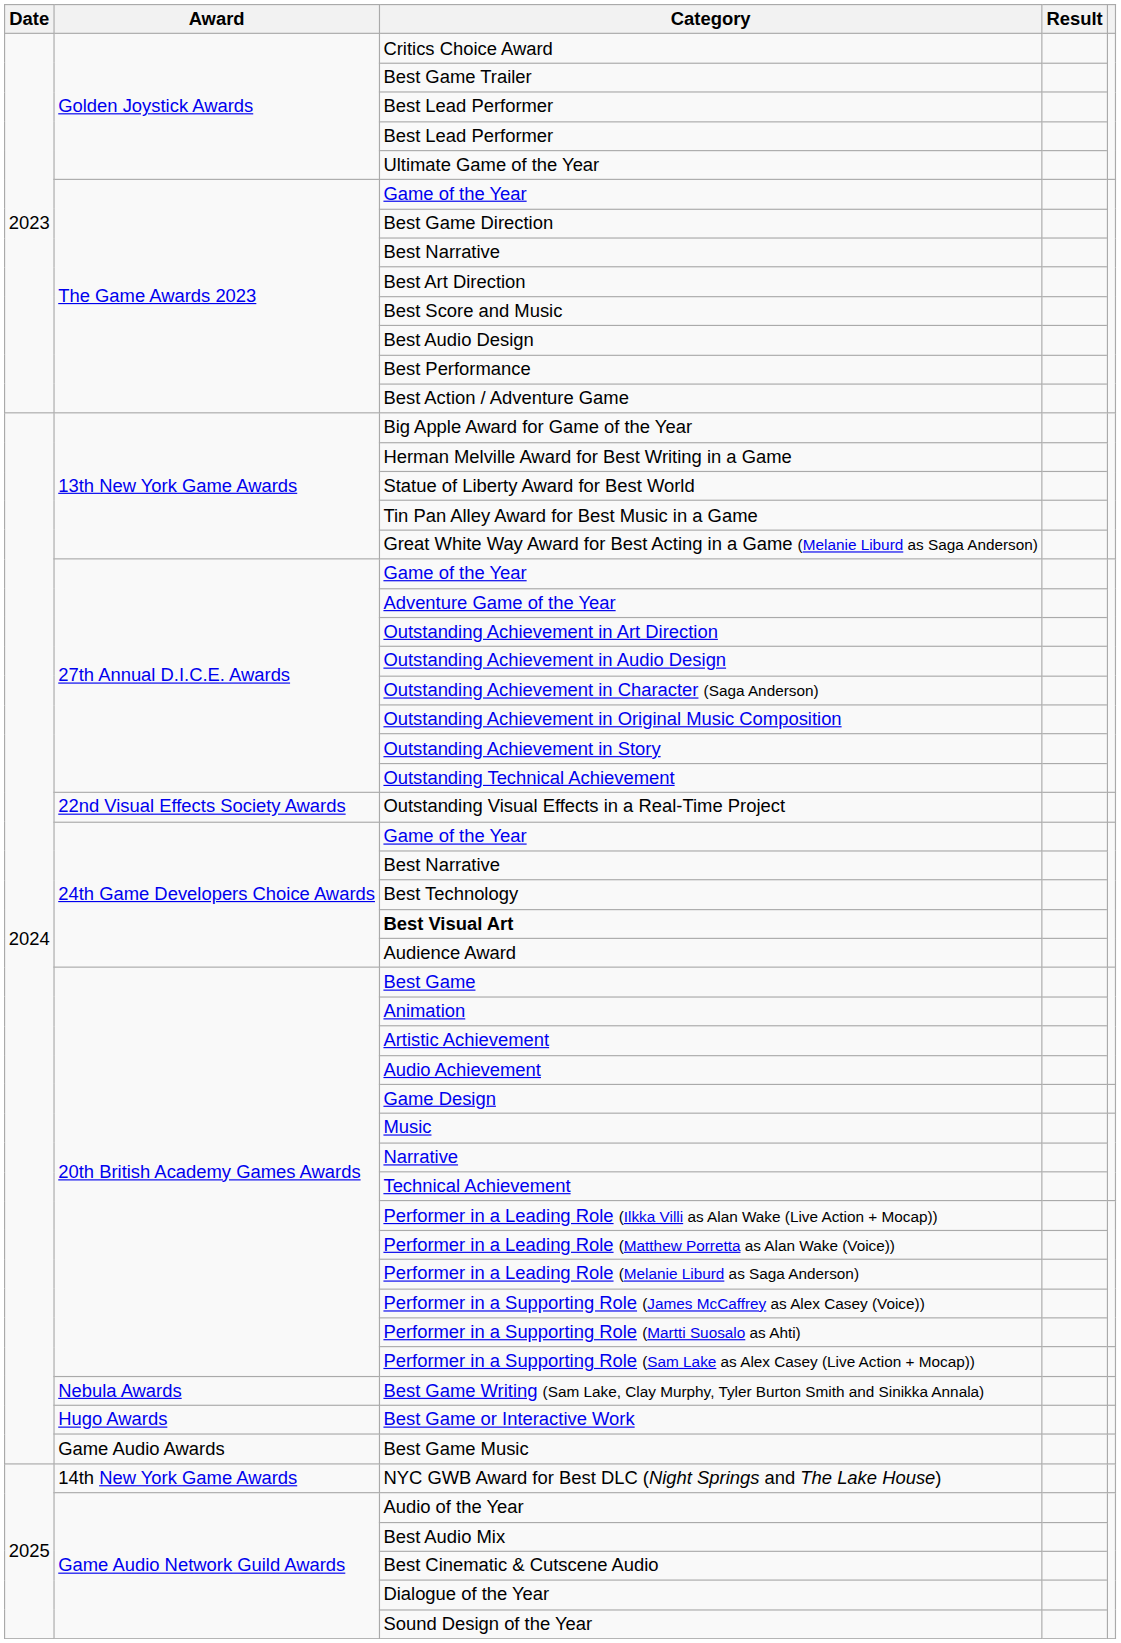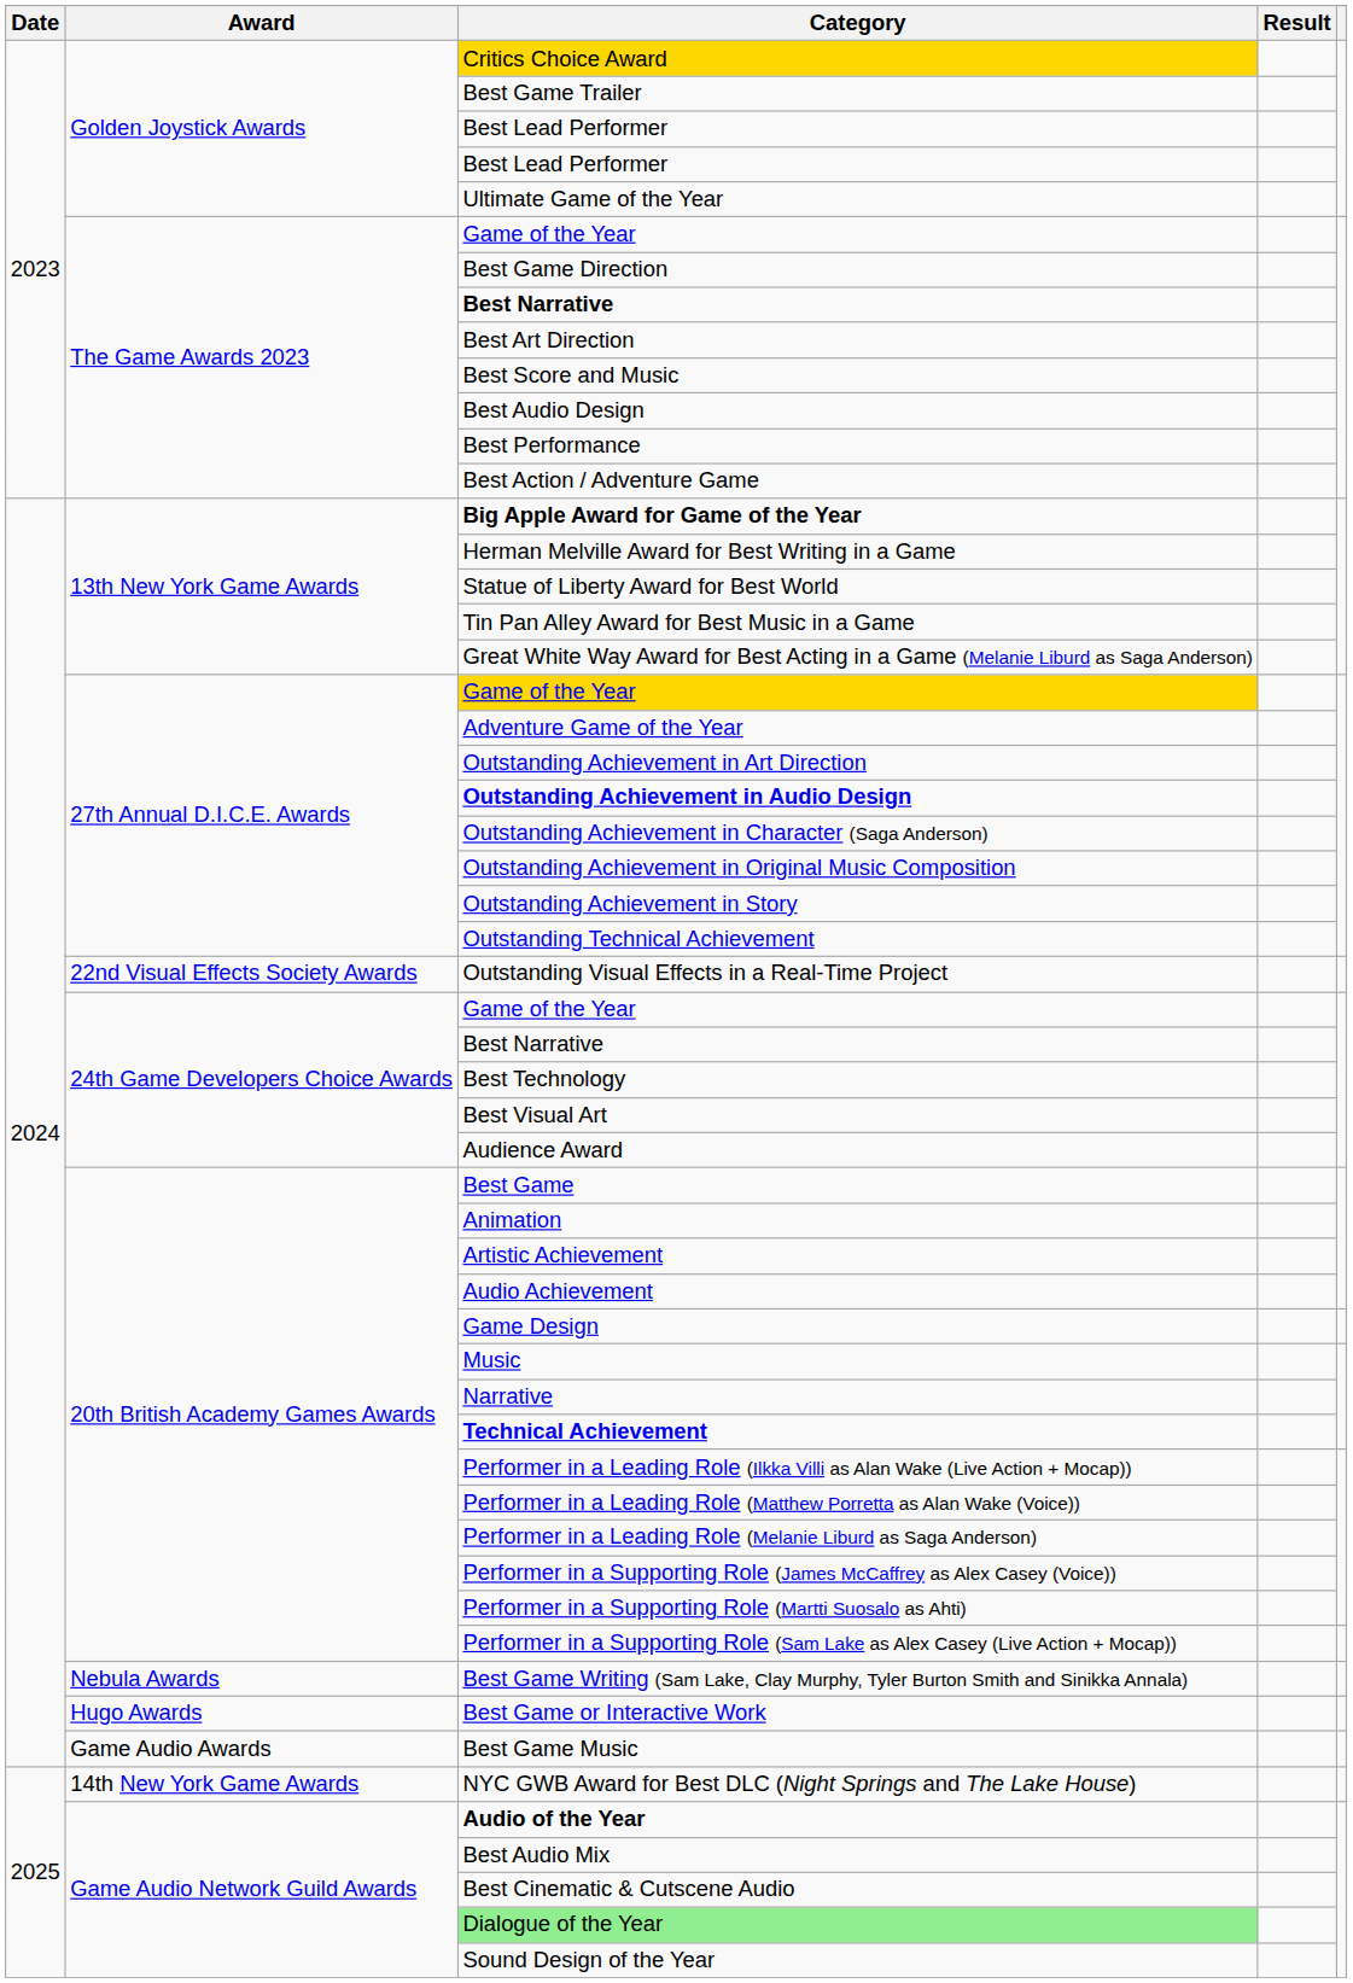 <table class="wikitable plainrowheaders sortable">
 <tr>
 <th scope="col">Date</th>
 <th scope="col">Award</th>
 <th scope="col">Category</th>
 <th scope="col">Result</th>
 <th scope="col" class="unsortable"></th>
 </tr>
 <tr>
 <td rowspan="13" style="text-align:center;">2023</td>
 <td rowspan="5"><a href='#'>Golden Joystick Awards</a></td>
-<td>Critics Choice Award</td>
+<td style="background: gold;">Critics Choice Award</td>
 <td></td>
 <td rowspan="5" style="text-align:center;"></td>
 </tr>
 <tr>
 <td>Best Game Trailer </td>
 <td></td>
 </tr>
 <tr>
 <td>Best Lead Performer </td>
 <td></td>
 </tr>
 <tr>
 <td>Best Lead Performer </td>
 <td></td>
 </tr>
 <tr>
 <td>Ultimate Game of the Year</td>
 <td></td>
 </tr>
 <tr>
 <td rowspan="8"><a href='#'>The Game Awards 2023</a></td>
 <td><a href='#'>Game of the Year</a></td>
 <td></td>
 <td rowspan="8" style="text-align:center;"></td>
 </tr>
 <tr>
 <td>Best Game Direction</td>
 <td></td>
 </tr>
 <tr>
-<td>Best Narrative</td>
+<td><strong>Best Narrative</strong></td>
 <td></td>
 </tr>
 <tr>
 <td>Best Art Direction</td>
 <td></td>
 </tr>
 <tr>
 <td>Best Score and Music </td>
 <td></td>
 </tr>
 <tr>
 <td>Best Audio Design</td>
 <td></td>
 </tr>
 <tr>
 <td>Best Performance </td>
 <td></td>
 </tr>
 <tr>
 <td>Best Action / Adventure Game</td>
 <td></td>
 </tr>
 <tr>
 <td rowspan="36">2024</td>
 <td rowspan="5"><a href='#'>13th New York Game Awards</a></td>
-<td>Big Apple Award for Game of the Year</td>
+<td><strong>Big Apple Award for Game of the Year</strong></td>
 <td></td>
 <td rowspan="5" style="text-align:center;"></td>
 </tr>
 <tr>
 <td>Herman Melville Award for Best Writing in a Game</td>
 <td></td>
 </tr>
 <tr>
 <td>Statue of Liberty Award for Best World</td>
 <td></td>
 </tr>
 <tr>
 <td>Tin Pan Alley Award for Best Music in a Game</td>
 <td></td>
 </tr>
 <tr>
 <td>Great White Way Award for Best Acting in a Game <small>(<a href='#'>Melanie Liburd</a> as Saga Anderson)</small></td>
 <td></td>
 </tr>
 <tr>
 <td rowspan="8"><a href='#'>27th Annual D.I.C.E. Awards</a></td>
-<td><a href='#'>Game of the Year</a></td>
+<td style="background: gold;"><a href='#'>Game of the Year</a></td>
 <td></td>
 <td rowspan="8" style="text-align:center;"></td>
 </tr>
 <tr>
 <td><a href='#'>Adventure Game of the Year</a></td>
 <td></td>
 </tr>
 <tr>
 <td><a href='#'>Outstanding Achievement in Art Direction</a></td>
 <td></td>
 </tr>
 <tr>
-<td><a href='#'>Outstanding Achievement in Audio Design</a></td>
+<td><strong><a href='#'>Outstanding Achievement in Audio Design</a></strong></td>
 <td></td>
 </tr>
 <tr>
 <td><a href='#'>Outstanding Achievement in Character</a> <small>(Saga Anderson)</small></td>
 <td></td>
 </tr>
 <tr>
 <td><a href='#'>Outstanding Achievement in Original Music Composition</a></td>
 <td></td>
 </tr>
 <tr>
 <td><a href='#'>Outstanding Achievement in Story</a></td>
 <td></td>
 </tr>
 <tr>
 <td><a href='#'>Outstanding Technical Achievement</a></td>
 <td></td>
 </tr>
 <tr>
 <td><a href='#'>22nd Visual Effects Society Awards</a></td>
 <td>Outstanding Visual Effects in a Real-Time Project</td>
 <td></td>
 <td style="text-align:center;"></td>
 </tr>
 <tr>
 <td rowspan="5"><a href='#'>24th Game Developers Choice Awards</a></td>
 <td><a href='#'>Game of the Year</a></td>
 <td></td>
 <td rowspan="5" style="text-align:center;"></td>
 </tr>
 <tr>
 <td>Best Narrative</td>
 <td></td>
 </tr>
 <tr>
 <td>Best Technology</td>
 <td></td>
 </tr>
 <tr>
-<td><strong>Best Visual Art</strong></td>
+<td>Best Visual Art</td>
 <td></td>
 </tr>
 <tr>
 <td>Audience Award</td>
 <td></td>
 </tr>
 <tr>
 <td rowspan="14"><a href='#'>20th British Academy Games Awards</a></td>
 <td><a href='#'>Best Game</a></td>
 <td></td>
 <td style="text-align:center;" rowspan="4"></td>
 </tr>
 <tr>
 <td><a href='#'>Animation</a></td>
 <td></td>
 </tr>
 <tr>
 <td><a href='#'>Artistic Achievement</a></td>
 <td></td>
 </tr>
 <tr>
 <td><a href='#'>Audio Achievement</a></td>
 <td></td>
 </tr>
 <tr>
 <td><a href='#'>Game Design</a></td>
 <td></td>
 <td style="text-align:center;"></td>
 </tr>
 <tr>
 <td><a href='#'>Music</a></td>
 <td></td>
 <td style="text-align:center;" rowspan="3"></td>
 </tr>
 <tr>
 <td><a href='#'>Narrative</a></td>
 <td></td>
 </tr>
 <tr>
-<td><a href='#'>Technical Achievement</a></td>
+<td><strong><a href='#'>Technical Achievement</a></strong></td>
 <td></td>
 </tr>
 <tr>
 <td><a href='#'>Performer in a Leading Role</a> <small>(<a href='#'>Ilkka Villi</a> as Alan Wake (Live Action + Mocap))</small></td>
 <td></td>
 <td style="text-align:center;" rowspan="5"></td>
 </tr>
 <tr>
 <td><a href='#'>Performer in a Leading Role</a> <small>(<a href='#'>Matthew Porretta</a> as Alan Wake (Voice))</small></td>
 <td></td>
 </tr>
 <tr>
 <td><a href='#'>Performer in a Leading Role</a> <small>(<a href='#'>Melanie Liburd</a> as Saga Anderson)</small></td>
 <td></td>
 </tr>
 <tr>
 <td><a href='#'>Performer in a Supporting Role</a> <small>(<a href='#'>James McCaffrey</a> as Alex Casey (Voice))</small></td>
 <td></td>
 </tr>
 <tr>
 <td><a href='#'>Performer in a Supporting Role</a> <small>(<a href='#'>Martti Suosalo</a> as Ahti)</small></td>
 <td></td>
 </tr>
 <tr>
 <td><a href='#'>Performer in a Supporting Role</a> <small>(<a href='#'>Sam Lake</a> as Alex Casey (Live Action + Mocap))</small></td>
 <td></td>
 <td style="text-align:center;" rowspan="1"></td>
 </tr>
 <tr>
 <td rowspan="1"><a href='#'>Nebula Awards</a></td>
 <td><a href='#'>Best Game Writing</a> <small>(Sam Lake, Clay Murphy, Tyler Burton Smith and Sinikka Annala)</small></td>
 <td></td>
 <td style="text-align:center;"></td>
 </tr>
 <tr>
 <td rowspan="1"><a href='#'>Hugo Awards</a></td>
 <td><a href='#'>Best Game or Interactive Work</a></td>
 <td></td>
 <td style="text-align:center;" rowspan="1"></td>
 </tr>
 <tr>
 <td rowspan="1">Game Audio Awards</td>
 <td>Best Game Music</td>
 <td></td>
 <td style="text-align:center;" rowspan="1"></td>
 </tr>
 <tr>
 <td rowspan="6">2025</td>
 <td>14th <a href='#'>New York Game Awards</a></td>
 <td>NYC GWB Award for Best DLC (<em>Night Springs</em> and <em>The Lake House</em>)</td>
 <td></td>
 <td style="text-align:center;"></td>
 </tr>
 <tr>
 <td rowspan="5"><a href='#'>Game Audio Network Guild Awards</a></td>
-<td>Audio of the Year</td>
+<td><strong>Audio of the Year</strong></td>
 <td></td>
 <td rowspan="5" style="text-align:center;"></td>
 </tr>
 <tr>
 <td>Best Audio Mix</td>
 <td></td>
 </tr>
 <tr>
 <td>Best Cinematic & Cutscene Audio</td>
 <td></td>
 </tr>
 <tr>
-<td>Dialogue of the Year</td>
+<td style="background: lightgreen;">Dialogue of the Year</td>
 <td></td>
 </tr>
 <tr>
 <td>Sound Design of the Year</td>
 <td></td>
 </tr>
 </table>
